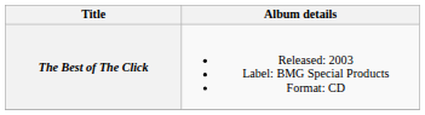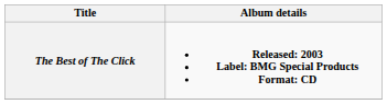 <table class="wikitable plainrowheaders" style="text-align:center;">
 <tr>
 <th scope="col" style="width:14em;">Title</th>
 <th scope="col" style="width:19em;">Album details</th>
 </tr>
 <tr>
 <th scope="row"><em>The Best of The Click</em></th>
-<td><br><ul><li>Released: 2003</li><li>Label: BMG Special Products</li><li>Format: CD</li></ul></td>
+<td><strong><br><ul><li>Released: 2003</li><li>Label: BMG Special Products</li><li>Format: CD</li></ul></strong></td>
 </tr>
 <tr>
 </tr>
 </table>
